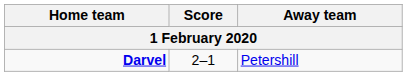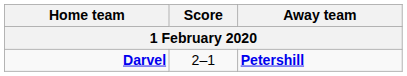 <table class="wikitable" style="border-collapse: collapse;">
 <tr>
 <th align="right" width="180">Home team</th>
 <th align="center" width="70">Score</th>
 <th align="left" width="180">Away team</th>
 </tr>
 <tr>
 <th colspan="3" align="center">1 February 2020</th>
 </tr>
 <tr>
 <td style="text-align:right;"><strong><a href='#'>Darvel</a></strong></td>
 <td style="text-align:center;">2–1</td>
-<td style="text-align:left;"><a href='#'>Petershill</a></td>
+<td style="text-align:left;"><strong><a href='#'>Petershill</a></strong></td>
 </tr>
 </table>
